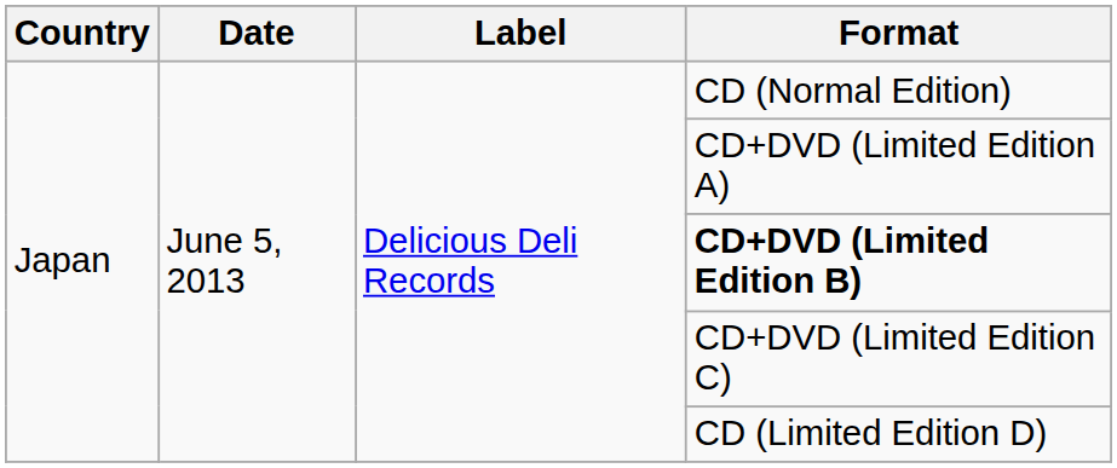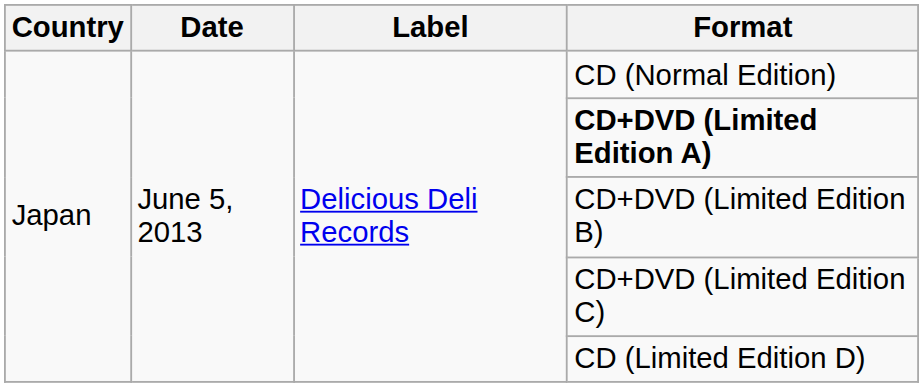 <table class="wikitable" style="width:500px">
 <tr>
 <th>Country</th>
 <th>Date</th>
 <th>Label</th>
 <th>Format</th>
 </tr>
 <tr>
 <td rowspan=5>Japan</td>
 <td rowspan=5>June 5, 2013</td>
 <td rowspan=5><a href='#'>Delicious Deli Records</a></td>
 <td>CD (Normal Edition)</td>
 </tr>
 <tr>
-<td>CD+DVD (Limited Edition A)</td>
+<td><strong>CD+DVD (Limited Edition A)</strong></td>
 </tr>
 <tr>
-<td><strong>CD+DVD (Limited Edition B)</strong></td>
+<td>CD+DVD (Limited Edition B)</td>
 </tr>
 <tr>
 <td>CD+DVD (Limited Edition C)</td>
 </tr>
 <tr>
 <td>CD (Limited Edition D)</td>
 </tr>
 </table>
